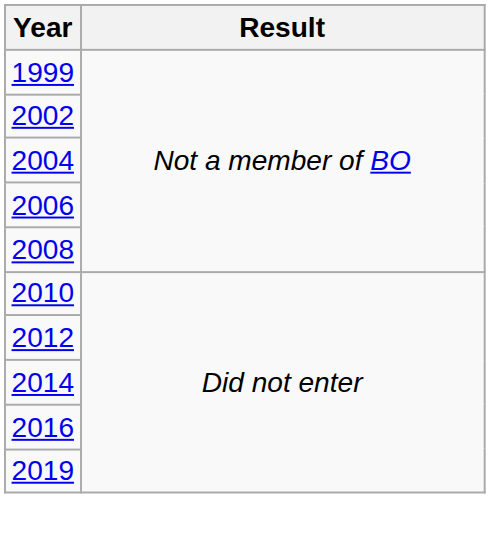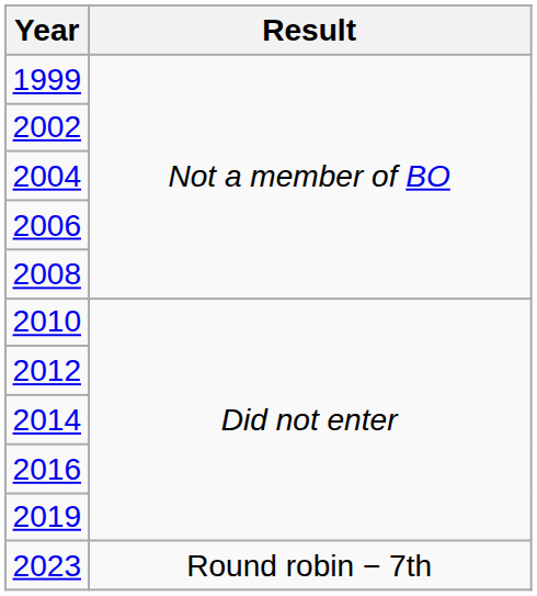 <table class="wikitable" style="text-align: center; font-size:90%">
 <tr>
 <th>Year</th>
 <th style="width:200px">Result</th>
 </tr>
 <tr>
 <td> <a href='#'>1999</a></td>
 <td rowspan="5"><em>Not a member of <a href='#'>BO</a></em></td>
 </tr>
 <tr>
 <td> <a href='#'>2002</a></td>
 </tr>
 <tr>
 <td> <a href='#'>2004</a></td>
 </tr>
 <tr>
 <td> <a href='#'>2006</a></td>
 </tr>
 <tr>
 <td> <a href='#'>2008</a></td>
 </tr>
 <tr>
 <td> <a href='#'>2010</a></td>
 <td rowspan="5"><em>Did not enter</em></td>
 </tr>
 <tr>
 <td> <a href='#'>2012</a></td>
 </tr>
 <tr>
 <td> <a href='#'>2014</a></td>
 </tr>
 <tr>
 <td> <a href='#'>2016</a></td>
 </tr>
 <tr>
 <td> <a href='#'>2019</a></td>
 </tr>
+<tr>
+<td> <a href='#'>2023</a></td>
+<td>Round robin − 7th</td>
+</tr>
 </table>
